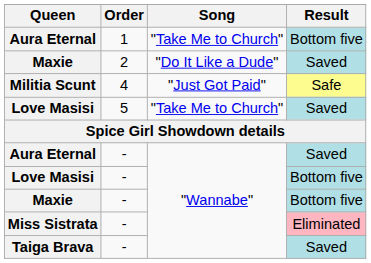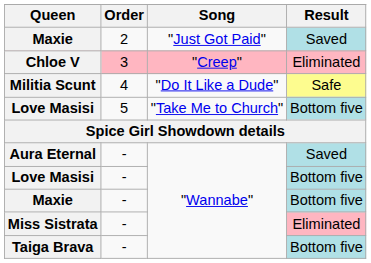 <table class="wikitable plainrowheaders" style="text-align:center;">
 <tr>
 </tr>
 <tr>
 <th scope="col">Queen</th>
 <th scope="col">Order</th>
 <th scope="col">Song</th>
 <th scope="col">Result</th>
 </tr>
 <tr>
-<th>Aura Eternal</th>
-<td>1</td>
-<td>"<a href='#'>Take Me to Church</a>"</td>
-<td style="background:#B0E0E6;">Bottom five</td>
-</tr>
-<tr>
 <th>Maxie</th>
 <td>2</td>
-<td>"<a href='#'>Do It Like a Dude</a>"</td>
+<td>"<a href='#'>Just Got Paid</a>"</td>
 <td style="background:#B0E0E6;">Saved</td>
+</tr>
+<tr style="background:lightpink;">
+<th>Chloe V</th>
+<td>3</td>
+<td>"<a href='#'>Creep</a>"</td>
+<td>Eliminated</td>
 </tr>
 <tr>
 <th>Militia Scunt</th>
 <td>4</td>
-<td>"<a href='#'>Just Got Paid</a>"</td>
+<td>"<a href='#'>Do It Like a Dude</a>"</td>
 <td style="background:#FDFC8F;">Safe</td>
 </tr>
 <tr>
 <th>Love Masisi</th>
 <td>5</td>
 <td>"<a href='#'>Take Me to Church</a>"</td>
-<td style="background:#B0E0E6;">Saved</td>
+<td style="background:#B0E0E6;">Bottom five</td>
 </tr>
 <tr>
 <th colspan="4">Spice Girl Showdown details</th>
 </tr>
 <tr>
 <th>Aura Eternal</th>
 <td>-</td>
 <td rowspan="5">"<a href='#'>Wannabe</a>"</td>
 <td style="background:#B0E0E6;">Saved</td>
 </tr>
 <tr>
 <th>Love Masisi</th>
 <td>-</td>
 <td style="background:#B0E0E6;">Bottom five</td>
 </tr>
 <tr>
 <th>Maxie</th>
 <td>-</td>
 <td style="background:#B0E0E6;">Bottom five</td>
 </tr>
 <tr>
 <th>Miss Sistrata</th>
 <td>-</td>
 <td style="background:lightpink;">Eliminated</td>
 </tr>
 <tr>
 <th>Taiga Brava</th>
 <td>-</td>
-<td style="background:#B0E0E6;">Saved</td>
+<td style="background:#B0E0E6;">Bottom five</td>
 </tr>
 </table>
